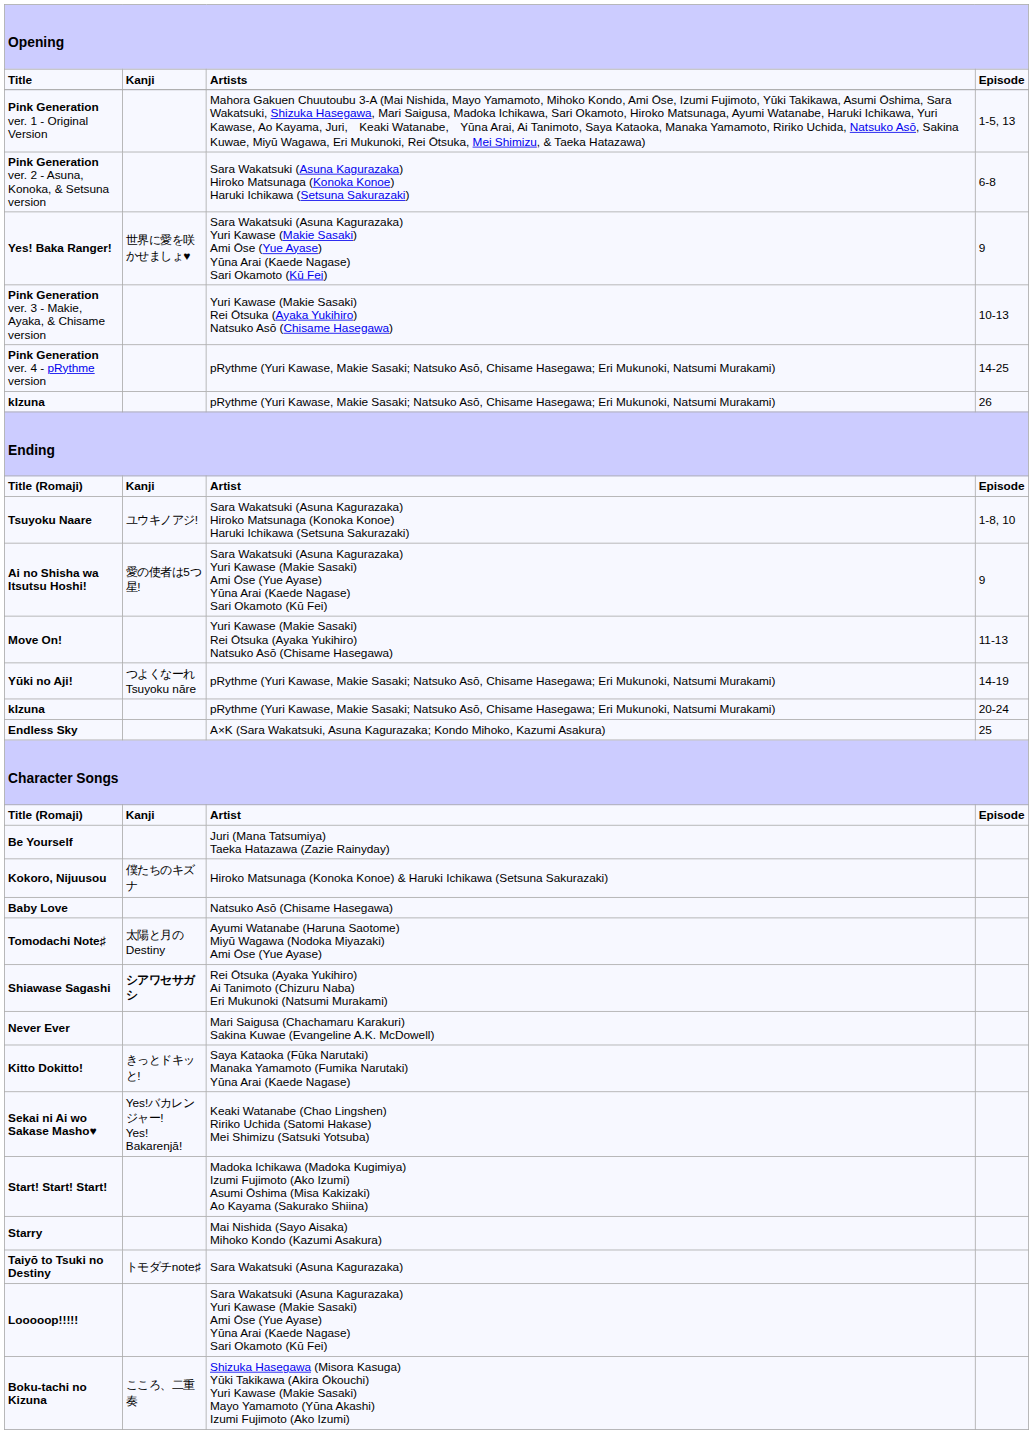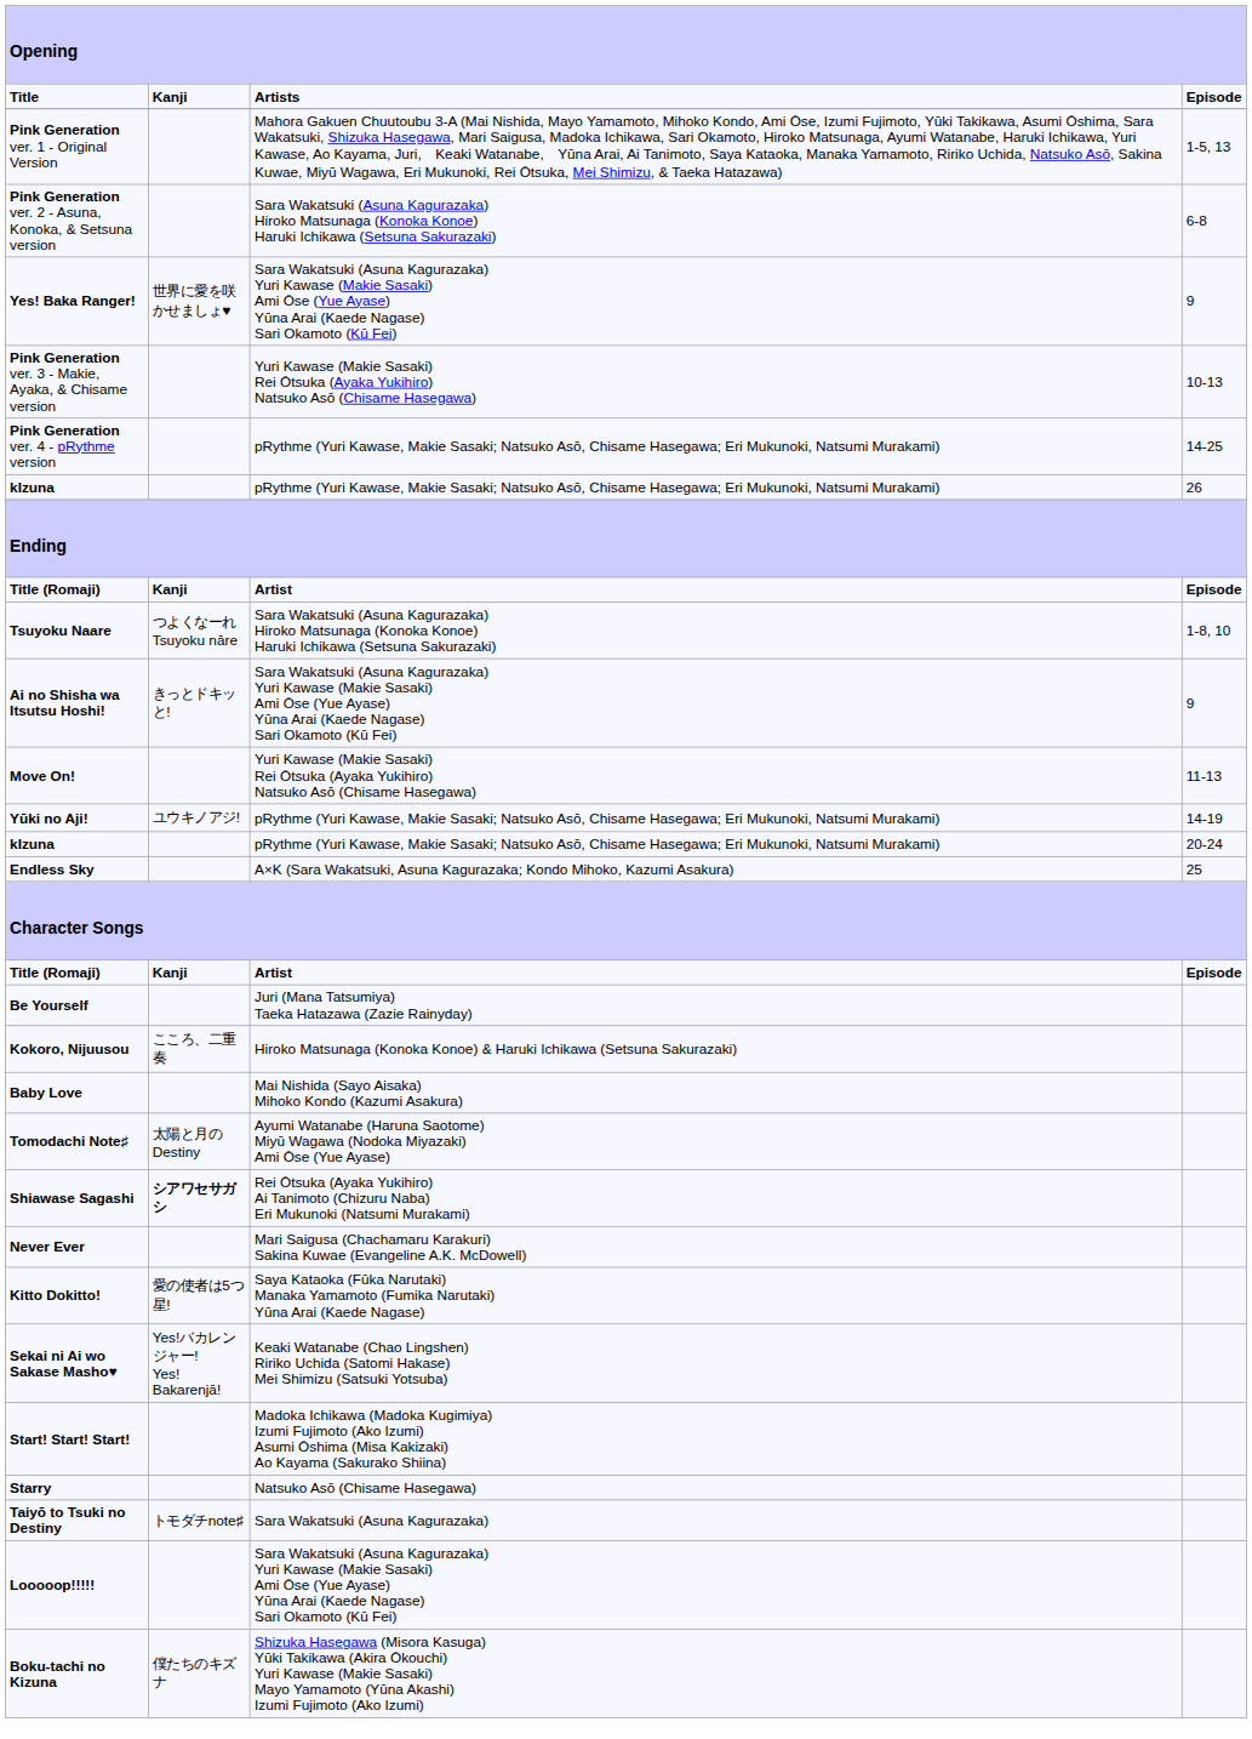 <table border="" cellpadding="4" cellspacing="0" style="border: 1px #aaaaaa solid; border-collapse: collapse; padding: 0.2em; margin: 1em 1em 1em 0; background: #f7f8ff; font-size:0.9em">
 <tr valign="middle" bgcolor="#ccccff">
 <td colspan=5><br><h3>Opening</h3></td>
 </tr>
 <tr>
 <td><strong>Title</strong></td>
 <td><strong>Kanji</strong></td>
 <td><strong>Artists</strong></td>
 <td><strong>Episode</strong></td>
 </tr>
 <tr bgcolor="#ccccff">
 </tr>
 <tr>
 <td><strong>Pink Generation</strong><br>ver. 1 - Original Version</td>
 <td></td>
 <td>Mahora Gakuen Chuutoubu 3-A (Mai Nishida, Mayo Yamamoto, Mihoko Kondo, Ami Ōse, Izumi Fujimoto, Yūki Takikawa, Asumi Ōshima, Sara Wakatsuki, <a href='#'>Shizuka Hasegawa</a>, Mari Saigusa, Madoka Ichikawa, Sari Okamoto, Hiroko Matsunaga, Ayumi Watanabe, Haruki Ichikawa, Yuri Kawase, Ao Kayama, Juri,　Keaki Watanabe,　Yūna Arai, Ai Tanimoto, Saya Kataoka, Manaka Yamamoto, Ririko Uchida, <a href='#'>Natsuko Asō</a>, Sakina Kuwae, Miyū Wagawa, Eri Mukunoki, Rei Ōtsuka, <a href='#'>Mei Shimizu</a>, & Taeka Hatazawa)</td>
 <td>1-5, 13</td>
 </tr>
 <tr>
 <td><strong>Pink Generation</strong><br>ver. 2 - Asuna, Konoka, & Setsuna version</td>
 <td></td>
 <td>Sara Wakatsuki (<a href='#'>Asuna Kagurazaka</a>)<br>Hiroko Matsunaga (<a href='#'>Konoka Konoe</a>)<br>Haruki Ichikawa (<a href='#'>Setsuna Sakurazaki</a>)</td>
 <td>6-8</td>
 </tr>
 <tr>
 <td><strong>Yes! Baka Ranger!</strong></td>
 <td>世界に愛を咲かせましょ♥</td>
 <td>Sara Wakatsuki (Asuna Kagurazaka)<br>Yuri Kawase (<a href='#'>Makie Sasaki</a>)<br>Ami Ōse (<a href='#'>Yue Ayase</a>)<br>Yūna Arai (Kaede Nagase)<br>Sari Okamoto (<a href='#'>Kū Fei</a>)</td>
 <td>9</td>
 </tr>
 <tr>
 <td><strong>Pink Generation</strong><br>ver. 3 - Makie, Ayaka, & Chisame version</td>
 <td></td>
 <td>Yuri Kawase (Makie Sasaki)<br>Rei Ōtsuka (<a href='#'>Ayaka Yukihiro</a>)<br>Natsuko Asō (<a href='#'>Chisame Hasegawa</a>)</td>
 <td>10-13</td>
 </tr>
 <tr>
 <td><strong>Pink Generation</strong><br>ver. 4 - <a href='#'>pRythme</a> version</td>
 <td></td>
 <td>pRythme (Yuri Kawase, Makie Sasaki; Natsuko Asō, Chisame Hasegawa; Eri Mukunoki, Natsumi Murakami)</td>
 <td>14-25</td>
 </tr>
 <tr>
 <td><strong>kIzuna</strong></td>
 <td></td>
 <td>pRythme (Yuri Kawase, Makie Sasaki; Natsuko Asō, Chisame Hasegawa; Eri Mukunoki, Natsumi Murakami)</td>
 <td>26</td>
 </tr>
 <tr bgcolor="#ccccff">
 <td colspan=4><br><h3>Ending</h3></td>
 </tr>
 <tr>
 <td><strong>Title (Romaji)</strong></td>
 <td><strong>Kanji</strong></td>
 <td><strong>Artist</strong></td>
 <td><strong>Episode</strong></td>
 </tr>
 <tr>
 <td><strong>Tsuyoku Naare</strong></td>
-<td>ユウキノアジ!</td>
+<td>つよくなーれ<br>Tsuyoku nāre</td>
 <td>Sara Wakatsuki (Asuna Kagurazaka)<br>Hiroko Matsunaga (Konoka Konoe)<br>Haruki Ichikawa (Setsuna Sakurazaki)</td>
 <td>1-8, 10</td>
 </tr>
 <tr>
 <td><strong>Ai no Shisha wa Itsutsu Hoshi!</strong></td>
-<td>愛の使者は5つ星!</td>
+<td>きっとドキッと!</td>
 <td>Sara Wakatsuki (Asuna Kagurazaka)<br>Yuri Kawase (Makie Sasaki)<br>Ami Ōse (Yue Ayase)<br>Yūna Arai (Kaede Nagase)<br>Sari Okamoto (Kū Fei)</td>
 <td>9</td>
 </tr>
 <tr>
 <td><strong>Move On!</strong></td>
 <td></td>
 <td>Yuri Kawase (Makie Sasaki)<br>Rei Ōtsuka (Ayaka Yukihiro)<br>Natsuko Asō (Chisame Hasegawa)</td>
 <td>11-13</td>
 </tr>
 <tr>
 <td><strong>Yūki no Aji!</strong></td>
-<td>つよくなーれ<br>Tsuyoku nāre</td>
+<td>ユウキノアジ!</td>
 <td>pRythme (Yuri Kawase, Makie Sasaki; Natsuko Asō, Chisame Hasegawa; Eri Mukunoki, Natsumi Murakami)</td>
 <td>14-19</td>
 </tr>
 <tr>
 <td><strong>kIzuna</strong></td>
 <td></td>
 <td>pRythme (Yuri Kawase, Makie Sasaki; Natsuko Asō, Chisame Hasegawa; Eri Mukunoki, Natsumi Murakami)</td>
 <td>20-24</td>
 </tr>
 <tr>
 <td><strong>Endless Sky</strong></td>
 <td></td>
 <td>A×K (Sara Wakatsuki, Asuna Kagurazaka; Kondo Mihoko, Kazumi Asakura)</td>
 <td>25</td>
 </tr>
 <tr bgcolor="#ccccff">
 <td colspan=4><br><h3>Character Songs</h3></td>
 </tr>
 <tr>
 <td><strong>Title (Romaji)</strong></td>
 <td><strong>Kanji</strong></td>
 <td><strong>Artist</strong></td>
 <td><strong>Episode</strong></td>
 </tr>
 <tr>
 <td><strong>Be Yourself</strong></td>
 <td></td>
 <td>Juri (Mana Tatsumiya)<br>Taeka Hatazawa (Zazie Rainyday)</td>
 </tr>
 <tr>
 <td><strong>Kokoro, Nijuusou</strong></td>
-<td>僕たちのキズナ</td>
+<td>こころ、二重奏</td>
 <td>Hiroko Matsunaga (Konoka Konoe) & Haruki Ichikawa (Setsuna Sakurazaki)</td>
 <td></td>
 </tr>
 <tr>
 <td><strong>Baby Love</strong></td>
 <td></td>
-<td>Natsuko Asō (Chisame Hasegawa)</td>
+<td>Mai Nishida (Sayo Aisaka)<br>Mihoko Kondo (Kazumi Asakura)</td>
 <td></td>
 </tr>
 <tr>
 <td><strong>Tomodachi Note♯</strong></td>
 <td>太陽と月のDestiny</td>
 <td>Ayumi Watanabe (Haruna Saotome)<br>Miyū Wagawa (Nodoka Miyazaki)<br>Ami Ōse (Yue Ayase)</td>
 <td></td>
 </tr>
 <tr>
 <td><strong>Shiawase Sagashi</strong></td>
 <td><strong>シアワセサガシ</strong></td>
 <td>Rei Ōtsuka (Ayaka Yukihiro)<br>Ai Tanimoto (Chizuru Naba)<br>Eri Mukunoki (Natsumi Murakami)</td>
 <td></td>
 </tr>
 <tr>
 <td><strong>Never Ever</strong></td>
 <td></td>
 <td>Mari Saigusa (Chachamaru Karakuri)<br>Sakina Kuwae (Evangeline A.K. McDowell)</td>
 <td></td>
 </tr>
 <tr>
 <td><strong>Kitto Dokitto!</strong></td>
-<td>きっとドキッと!</td>
+<td>愛の使者は5つ星!</td>
 <td>Saya Kataoka (Fūka Narutaki)<br>Manaka Yamamoto (Fumika Narutaki)<br>Yūna Arai (Kaede Nagase)</td>
 <td></td>
 </tr>
 <tr>
 <td><strong>Sekai ni Ai wo Sakase Masho♥</strong></td>
 <td>Yes!バカレンジャー!<br>Yes! Bakarenjā!</td>
 <td>Keaki Watanabe (Chao Lingshen)<br>Ririko Uchida (Satomi Hakase)<br>Mei Shimizu (Satsuki Yotsuba)</td>
 <td></td>
 </tr>
 <tr>
 <td><strong>Start! Start! Start!</strong></td>
 <td></td>
 <td>Madoka Ichikawa (Madoka Kugimiya)<br>Izumi Fujimoto (Ako Izumi)<br>Asumi Ōshima (Misa Kakizaki)<br>Ao Kayama (Sakurako Shiina)</td>
 <td></td>
 </tr>
 <tr>
 <td><strong>Starry</strong></td>
 <td></td>
-<td>Mai Nishida (Sayo Aisaka)<br>Mihoko Kondo (Kazumi Asakura)</td>
+<td>Natsuko Asō (Chisame Hasegawa)</td>
 <td></td>
 </tr>
 <tr>
 <td><strong>Taiyō to Tsuki no Destiny</strong></td>
 <td>トモダチnote♯</td>
 <td>Sara Wakatsuki (Asuna Kagurazaka)</td>
 <td></td>
 </tr>
 <tr>
 <td><strong>Looooop!!!!!</strong></td>
 <td></td>
 <td>Sara Wakatsuki (Asuna Kagurazaka)<br>Yuri Kawase (Makie Sasaki)<br>Ami Ōse (Yue Ayase)<br>Yūna Arai (Kaede Nagase)<br>Sari Okamoto (Kū Fei)</td>
 <td></td>
 </tr>
 <tr>
 <td><strong>Boku-tachi no Kizuna</strong></td>
-<td>こころ、二重奏</td>
+<td>僕たちのキズナ</td>
 <td><a href='#'>Shizuka Hasegawa</a> (Misora Kasuga)<br>Yūki Takikawa (Akira Ōkouchi)<br>Yuri Kawase (Makie Sasaki)<br>Mayo Yamamoto (Yūna Akashi)<br>Izumi Fujimoto (Ako Izumi)</td>
 <td></td>
 </tr>
 </table>
